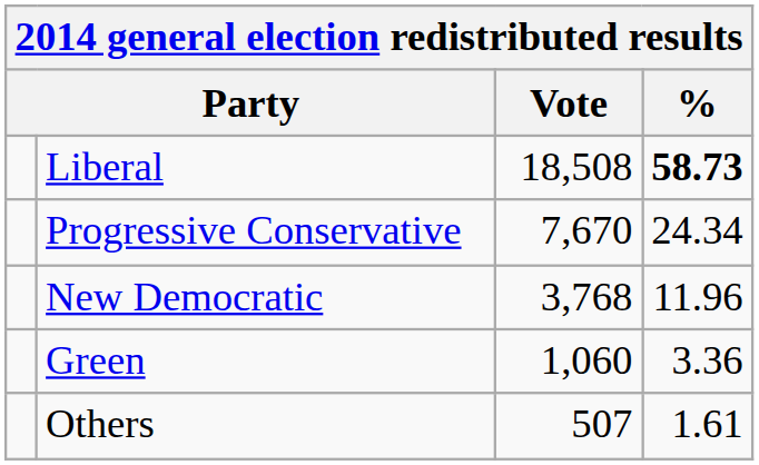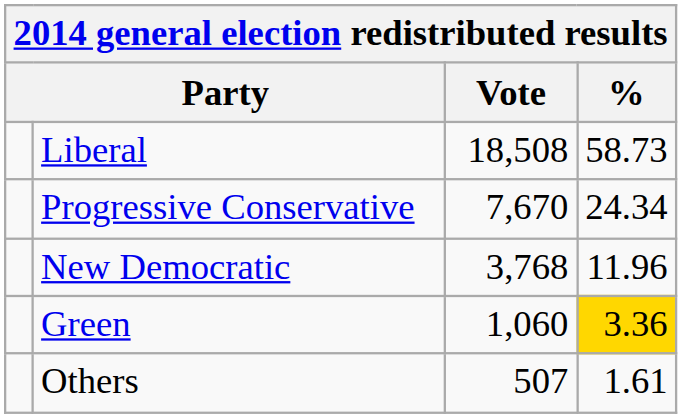 <table class="wikitable">
 <tr>
 <th colspan="4"><a href='#'>2014 general election</a> redistributed results</th>
 </tr>
 <tr>
 <th bgcolor="#DDDDFF" width="130px" colspan="2">Party</th>
 <th bgcolor="#DDDDFF" width="50px">Vote</th>
 <th bgcolor="#DDDDFF" width="30px">%</th>
 </tr>
 <tr>
 <td> </td>
 <td><a href='#'>Liberal</a></td>
 <td align=right>18,508</td>
-<td align=right><strong>58.73</strong></td>
+<td align=right>58.73</td>
 </tr>
 <tr>
 <td> </td>
 <td><a href='#'>Progressive Conservative</a></td>
 <td align=right>7,670</td>
 <td align=right>24.34</td>
 </tr>
 <tr>
 <td> </td>
 <td><a href='#'>New Democratic</a></td>
 <td align=right>3,768</td>
 <td align=right>11.96</td>
 </tr>
 <tr>
 <td> </td>
 <td><a href='#'>Green</a></td>
 <td align=right>1,060</td>
-<td align=right>3.36</td>
+<td align=right style="background: gold;">3.36</td>
 </tr>
 <tr>
 <td> </td>
 <td>Others</td>
 <td align=right>507</td>
 <td align=right>1.61</td>
 </tr>
 </table>
